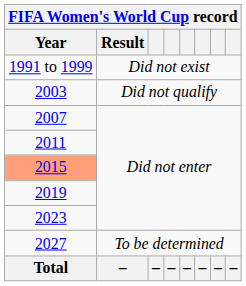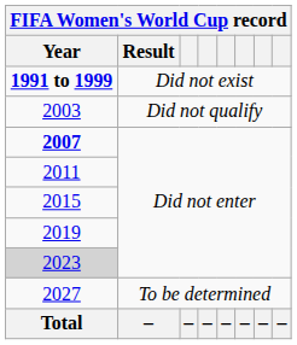 <table class="wikitable" style="text-align: center;">
 <tr>
 <th colspan=9><a href='#'>FIFA Women's World Cup</a> record</th>
 </tr>
 <tr>
 <th>Year</th>
 <th>Result</th>
 <th></th>
 <th></th>
 <th></th>
 <th></th>
 <th></th>
 <th></th>
 </tr>
 <tr>
-<td> <a href='#'>1991</a> to  <a href='#'>1999</a></td>
+<td><strong> <a href='#'>1991</a> to  <a href='#'>1999</a></strong></td>
 <td colspan=7><em>Did not exist</em></td>
 </tr>
 <tr>
 <td> <a href='#'>2003</a></td>
 <td colspan=7><em>Did not qualify</em></td>
 </tr>
 <tr>
-<td> <a href='#'>2007</a></td>
+<td><strong> <a href='#'>2007</a></strong></td>
 <td colspan=7 rowspan=5><em>Did not enter</em></td>
 </tr>
 <tr>
 <td> <a href='#'>2011</a></td>
 </tr>
 <tr>
-<td style="background: lightsalmon;"> <a href='#'>2015</a></td>
+<td> <a href='#'>2015</a></td>
 </tr>
 <tr>
 <td> <a href='#'>2019</a></td>
 </tr>
 <tr>
-<td> <a href='#'>2023</a></td>
+<td style="background: lightgrey;"> <a href='#'>2023</a></td>
 </tr>
 <tr>
 <td> <a href='#'>2027</a></td>
 <td colspan=7><em>To be determined</em></td>
 </tr>
 <tr>
 <th>Total</th>
 <th>–</th>
 <th>–</th>
 <th>–</th>
 <th>–</th>
 <th>–</th>
 <th>–</th>
 <th>–</th>
 </tr>
 </table>
